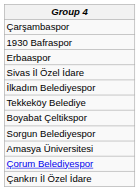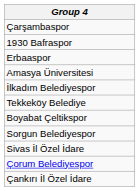 <table class="wikitable collapsible collapsed" style="font-size:95%;">
 <tr>
 <th colspan="1" width="200"><em>Group 4</em></th>
 </tr>
 <tr>
 <td>Çarşambaspor</td>
 </tr>
 <tr>
 <td>1930 Bafraspor</td>
 </tr>
 <tr>
 <td>Erbaaspor</td>
 </tr>
 <tr>
-<td>Sivas İl Özel İdare</td>
+<td>Amasya Üniversitesi</td>
 </tr>
 <tr>
 <td>İlkadım Belediyespor</td>
 </tr>
 <tr>
 <td>Tekkeköy Belediye</td>
 </tr>
 <tr>
 <td>Boyabat Çeltikspor</td>
 </tr>
 <tr>
 <td>Sorgun Belediyespor</td>
 </tr>
 <tr>
-<td>Amasya Üniversitesi</td>
+<td>Sivas İl Özel İdare</td>
 </tr>
 <tr>
 <td><a href='#'>Çorum Belediyespor</a></td>
 </tr>
 <tr>
 <td>Çankırı İl Özel İdare</td>
 </tr>
 </table>
